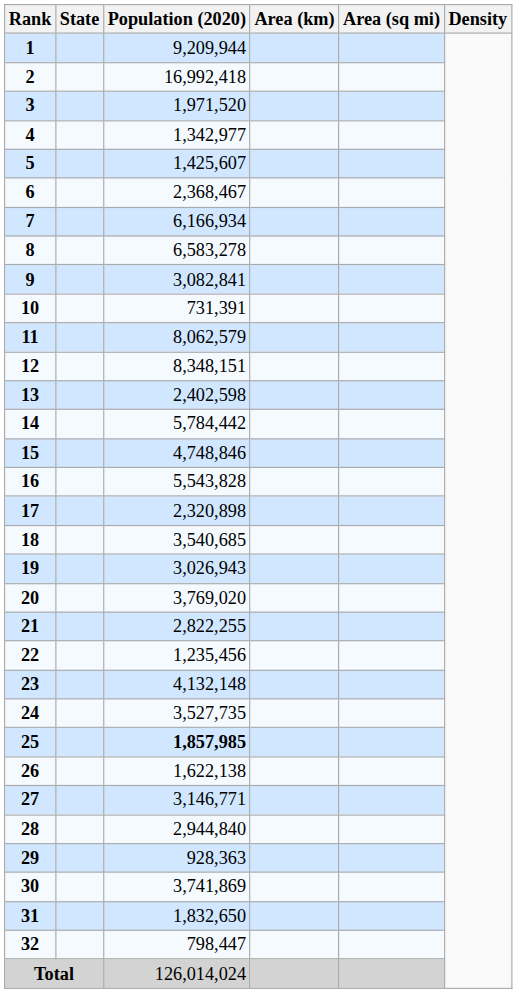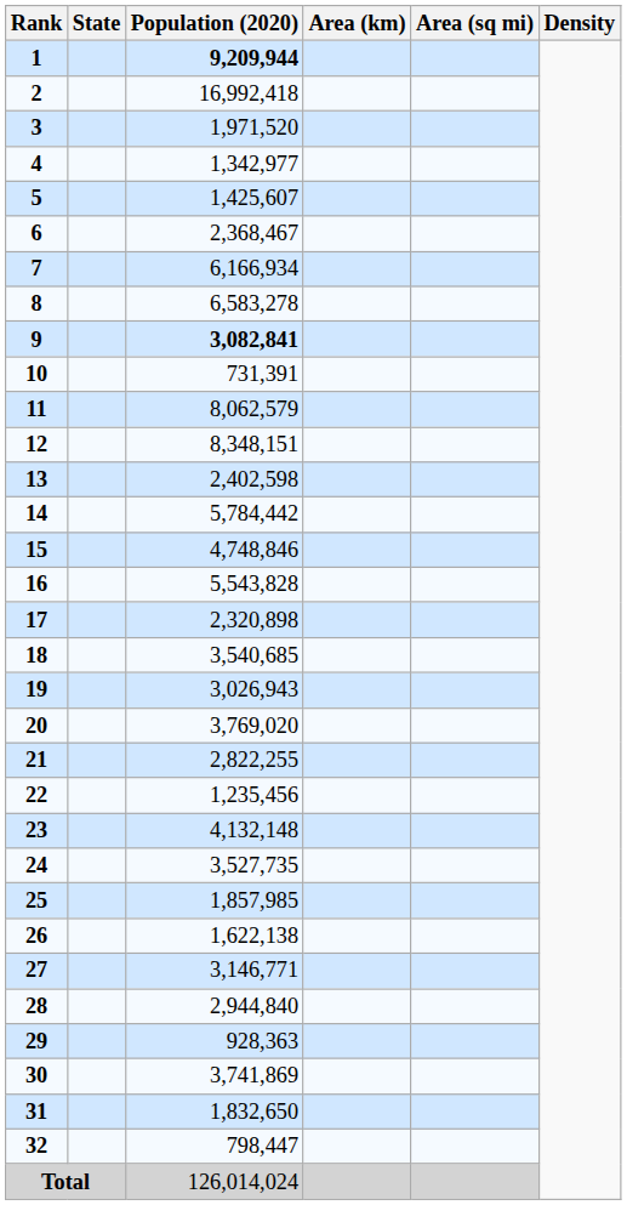 <table class="wikitable sortable">
 <tr>
 <th><strong>Rank</strong></th>
 <th><strong>State</strong></th>
 <th><strong>Population (2020)</strong></th>
 <th><strong>Area (km)</strong></th>
 <th><strong>Area (sq mi)</strong></th>
 <th><strong>Density</strong></th>
 </tr>
 <tr bgcolor="#d0e7ff">
 <td align="center"><strong>1</strong></td>
 <td align="left"></td>
-<td align="right">9,209,944</td>
+<td align="right"><strong>9,209,944</strong></td>
 <td></td>
 <td align="center"></td>
 </tr>
 <tr bgcolor="#f5faff">
 <td align="center"><strong>2</strong></td>
 <td align="left"></td>
 <td align="right">16,992,418</td>
 <td></td>
 <td align="center"></td>
 </tr>
 <tr bgcolor="#d0e7ff">
 <td align="center"><strong>3</strong></td>
 <td align="left"></td>
 <td align="right">1,971,520</td>
 <td></td>
 <td align="center"></td>
 </tr>
 <tr bgcolor="#f5faff">
 <td align="center"><strong>4</strong></td>
 <td align="left"></td>
 <td align="right">1,342,977</td>
 <td></td>
 <td align="center"></td>
 </tr>
 <tr bgcolor="#d0e7ff">
 <td align="center"><strong>5</strong></td>
 <td align="left"></td>
 <td align="right">1,425,607</td>
 <td></td>
 <td align="center"></td>
 </tr>
 <tr bgcolor="#f5faff">
 <td align="center"><strong>6</strong></td>
 <td align="left"></td>
 <td align="right">2,368,467</td>
 <td></td>
 <td align="center"></td>
 </tr>
 <tr bgcolor="#d0e7ff">
 <td align="center"><strong>7</strong></td>
 <td align="left"></td>
 <td align="right">6,166,934</td>
 <td></td>
 <td align="center"></td>
 </tr>
 <tr bgcolor="#f5faff">
 <td align="center"><strong>8</strong></td>
 <td align="left"></td>
 <td align="right">6,583,278</td>
 <td></td>
 <td align="center"></td>
 </tr>
 <tr bgcolor="#d0e7ff">
 <td align="center"><strong>9</strong></td>
 <td align="left"></td>
-<td align="right">3,082,841</td>
+<td align="right"><strong>3,082,841</strong></td>
 <td></td>
 <td align="center"></td>
 </tr>
 <tr bgcolor="#f5faff">
 <td align="center"><strong>10</strong></td>
 <td align="left"></td>
 <td align="right">731,391</td>
 <td></td>
 <td align="center"></td>
 </tr>
 <tr bgcolor="#d0e7ff">
 <td align="center"><strong>11</strong></td>
 <td align="left"></td>
 <td align="right">8,062,579</td>
 <td></td>
 <td align="center"></td>
 </tr>
 <tr bgcolor="#f5faff">
 <td align="center"><strong>12</strong></td>
 <td align="left"></td>
 <td align="right">8,348,151</td>
 <td></td>
 <td align="center"></td>
 </tr>
 <tr bgcolor="#d0e7ff">
 <td align="center"><strong>13</strong></td>
 <td align="left"></td>
 <td align="right">2,402,598</td>
 <td></td>
 <td align="center"></td>
 </tr>
 <tr bgcolor="#f5faff">
 <td align="center"><strong>14</strong></td>
 <td align="left"></td>
 <td align="right">5,784,442</td>
 <td></td>
 <td align="center"></td>
 </tr>
 <tr bgcolor="#d0e7ff">
 <td align="center"><strong>15</strong></td>
 <td align="left"></td>
 <td align="right">4,748,846</td>
 <td></td>
 <td align="center"></td>
 </tr>
 <tr bgcolor="#f5faff">
 <td align="center"><strong>16</strong></td>
 <td align="left"></td>
 <td align="right">5,543,828</td>
 <td></td>
 <td align="center"></td>
 </tr>
 <tr bgcolor="#d0e7ff">
 <td align="center"><strong>17</strong></td>
 <td align="left"></td>
 <td align="right">2,320,898</td>
 <td></td>
 <td align="center"></td>
 </tr>
 <tr bgcolor="#f5faff">
 <td align="center"><strong>18</strong></td>
 <td align="left"></td>
 <td align="right">3,540,685</td>
 <td></td>
 <td align="center"></td>
 </tr>
 <tr bgcolor="#d0e7ff">
 <td align="center"><strong>19</strong></td>
 <td align="left"></td>
 <td align="right">3,026,943</td>
 <td></td>
 <td align="center"></td>
 </tr>
 <tr bgcolor="#f5faff">
 <td align="center"><strong>20</strong></td>
 <td align="left"></td>
 <td align="right">3,769,020</td>
 <td></td>
 <td align="center"></td>
 </tr>
 <tr bgcolor="#d0e7ff">
 <td align="center"><strong>21</strong></td>
 <td align="left"></td>
 <td align="right">2,822,255</td>
 <td></td>
 <td align="center"></td>
 </tr>
 <tr bgcolor="#f5faff">
 <td align="center"><strong>22</strong></td>
 <td align="left"></td>
 <td align="right">1,235,456</td>
 <td></td>
 <td align="center"></td>
 </tr>
 <tr bgcolor="#d0e7ff">
 <td align="center"><strong>23</strong></td>
 <td align="left"></td>
 <td align="right">4,132,148</td>
 <td></td>
 <td align="center"></td>
 </tr>
 <tr bgcolor="#f5faff">
 <td align="center"><strong>24</strong></td>
 <td align="left"></td>
 <td align="right">3,527,735</td>
 <td></td>
 <td align="center"></td>
 </tr>
 <tr bgcolor="#d0e7ff">
 <td align="center"><strong>25</strong></td>
 <td align="left"></td>
-<td align="right"><strong>1,857,985</strong></td>
+<td align="right">1,857,985</td>
 <td></td>
 <td align="center"></td>
 </tr>
 <tr bgcolor="#f5faff">
 <td align="center"><strong>26</strong></td>
 <td align="left"></td>
 <td align="right">1,622,138</td>
 <td></td>
 <td align="center"></td>
 </tr>
 <tr bgcolor="#d0e7ff">
 <td align="center"><strong>27</strong></td>
 <td align="left"></td>
 <td align="right">3,146,771</td>
 <td></td>
 <td align="center"></td>
 </tr>
 <tr bgcolor="#f5faff">
 <td align="center"><strong>28</strong></td>
 <td align="left"></td>
 <td align="right">2,944,840</td>
 <td></td>
 <td align="center"></td>
 </tr>
 <tr bgcolor="#d0e7ff">
 <td align="center"><strong>29</strong></td>
 <td align="left"></td>
 <td align="right">928,363</td>
 <td></td>
 <td align="center"></td>
 </tr>
 <tr bgcolor="#f5faff">
 <td align="center"><strong>30</strong></td>
 <td align="left"></td>
 <td align="right">3,741,869</td>
 <td></td>
 <td align="center"></td>
 </tr>
 <tr bgcolor="#d0e7ff">
 <td align="center"><strong>31</strong></td>
 <td align="left"></td>
 <td align="right">1,832,650</td>
 <td></td>
 <td align="center"></td>
 </tr>
 <tr bgcolor="#f5faff">
 <td align="center"><strong>32</strong></td>
 <td align="left"></td>
 <td align="right">798,447</td>
 <td></td>
 <td align="center"></td>
 </tr>
 <tr bgcolor="#D3D3D3">
 <td align="center" colspan="2"><strong>Total</strong></td>
 <td align="right">126,014,024</td>
 <td></td>
 <td align="center"></td>
 </tr>
 </table>
